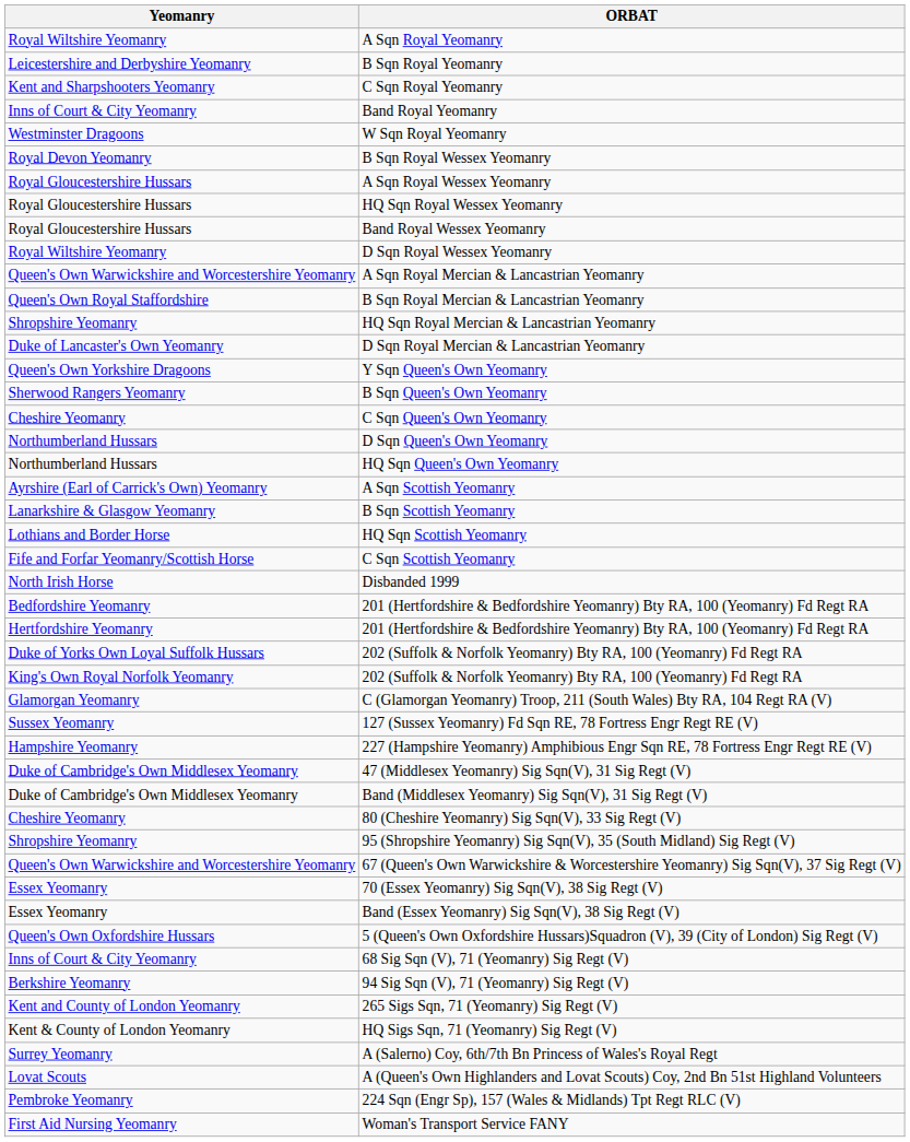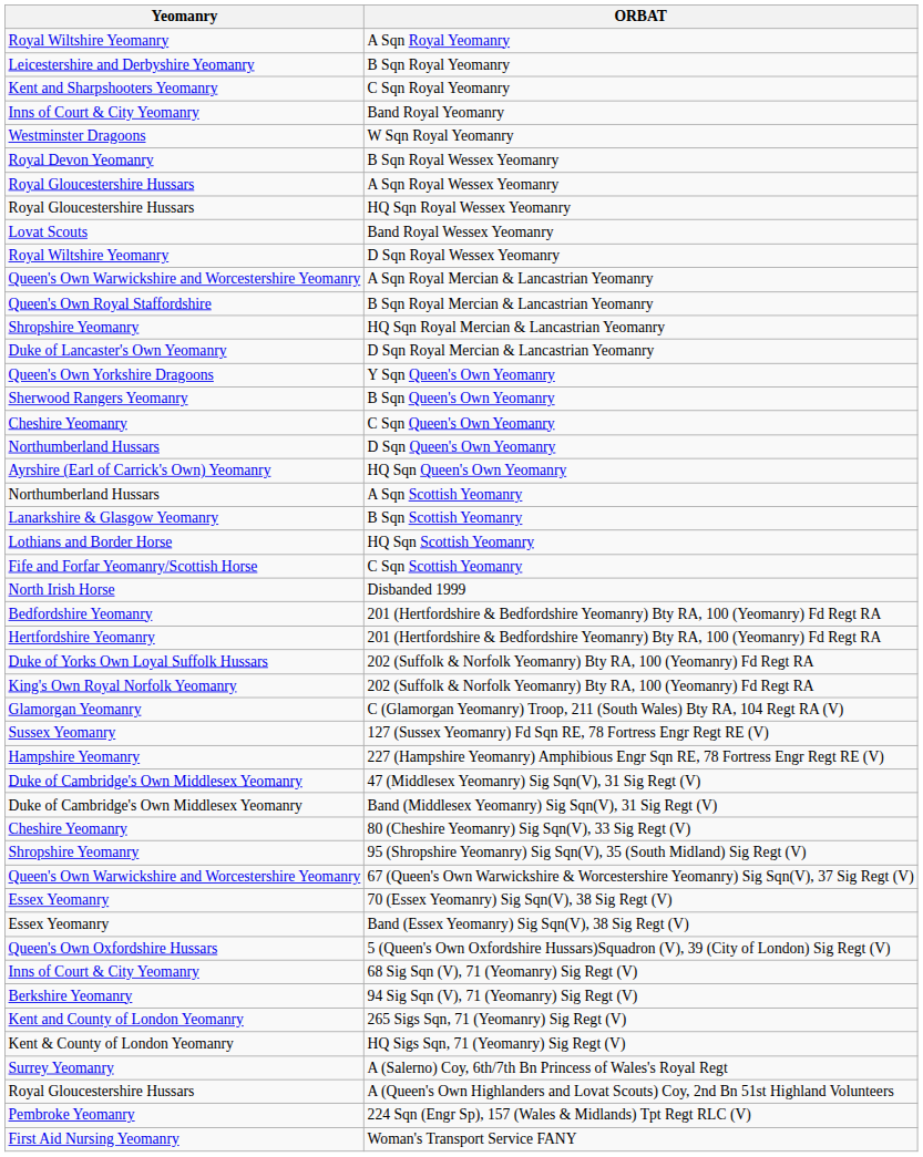 <table class="wikitable">
 <tr>
 <th>Yeomanry</th>
 <th>ORBAT</th>
 </tr>
 <tr>
 <td><a href='#'>Royal Wiltshire Yeomanry</a></td>
 <td>A Sqn <a href='#'>Royal Yeomanry</a></td>
 </tr>
 <tr>
 <td><a href='#'>Leicestershire and Derbyshire Yeomanry</a></td>
 <td>B Sqn Royal Yeomanry</td>
 </tr>
 <tr>
 <td><a href='#'>Kent and Sharpshooters Yeomanry</a></td>
 <td>C Sqn Royal Yeomanry</td>
 </tr>
 <tr>
 <td><a href='#'>Inns of Court & City Yeomanry</a></td>
 <td>Band Royal Yeomanry</td>
 </tr>
 <tr>
 <td><a href='#'>Westminster Dragoons</a></td>
 <td>W Sqn Royal Yeomanry</td>
 </tr>
 <tr>
 <td><a href='#'>Royal Devon Yeomanry</a></td>
 <td>B Sqn Royal Wessex Yeomanry</td>
 </tr>
 <tr>
 <td><a href='#'>Royal Gloucestershire Hussars</a></td>
 <td>A Sqn Royal Wessex Yeomanry</td>
 </tr>
 <tr>
 <td>Royal Gloucestershire Hussars</td>
 <td>HQ Sqn Royal Wessex Yeomanry</td>
 </tr>
 <tr>
-<td>Royal Gloucestershire Hussars</td>
+<td><a href='#'>Lovat Scouts</a></td>
 <td>Band Royal Wessex Yeomanry</td>
 </tr>
 <tr>
 <td><a href='#'>Royal Wiltshire Yeomanry</a></td>
 <td>D Sqn Royal Wessex Yeomanry</td>
 </tr>
 <tr>
 <td><a href='#'>Queen's Own Warwickshire and Worcestershire Yeomanry</a></td>
 <td>A Sqn Royal Mercian & Lancastrian Yeomanry</td>
 </tr>
 <tr>
 <td><a href='#'>Queen's Own Royal Staffordshire</a></td>
 <td>B Sqn Royal Mercian & Lancastrian Yeomanry</td>
 </tr>
 <tr>
 <td><a href='#'>Shropshire Yeomanry</a></td>
 <td>HQ Sqn Royal Mercian & Lancastrian Yeomanry</td>
 </tr>
 <tr>
 <td><a href='#'>Duke of Lancaster's Own Yeomanry</a></td>
 <td>D Sqn Royal Mercian & Lancastrian Yeomanry</td>
 </tr>
 <tr>
 <td><a href='#'>Queen's Own Yorkshire Dragoons</a></td>
 <td>Y Sqn <a href='#'>Queen's Own Yeomanry</a></td>
 </tr>
 <tr>
 <td><a href='#'>Sherwood Rangers Yeomanry</a></td>
 <td>B Sqn <a href='#'>Queen's Own Yeomanry</a></td>
 </tr>
 <tr>
 <td><a href='#'>Cheshire Yeomanry</a></td>
 <td>C Sqn <a href='#'>Queen's Own Yeomanry</a></td>
 </tr>
 <tr>
 <td><a href='#'>Northumberland Hussars</a></td>
 <td>D Sqn <a href='#'>Queen's Own Yeomanry</a></td>
 </tr>
 <tr>
-<td>Northumberland Hussars</td>
+<td><a href='#'>Ayrshire (Earl of Carrick's Own) Yeomanry</a></td>
 <td>HQ Sqn <a href='#'>Queen's Own Yeomanry</a></td>
 </tr>
 <tr>
-<td><a href='#'>Ayrshire (Earl of Carrick's Own) Yeomanry</a></td>
+<td>Northumberland Hussars</td>
 <td>A Sqn <a href='#'>Scottish Yeomanry</a></td>
 </tr>
 <tr>
 <td><a href='#'>Lanarkshire & Glasgow Yeomanry</a></td>
 <td>B Sqn <a href='#'>Scottish Yeomanry</a></td>
 </tr>
 <tr>
 <td><a href='#'>Lothians and Border Horse</a></td>
 <td>HQ Sqn <a href='#'>Scottish Yeomanry</a></td>
 </tr>
 <tr>
 <td><a href='#'>Fife and Forfar Yeomanry/Scottish Horse</a></td>
 <td>C Sqn <a href='#'>Scottish Yeomanry</a></td>
 </tr>
 <tr>
 <td><a href='#'>North Irish Horse</a></td>
 <td>Disbanded 1999</td>
 </tr>
 <tr>
 <td><a href='#'>Bedfordshire Yeomanry</a></td>
 <td>201 (Hertfordshire & Bedfordshire Yeomanry) Bty RA, 100 (Yeomanry) Fd Regt RA</td>
 </tr>
 <tr>
 <td><a href='#'>Hertfordshire Yeomanry</a></td>
 <td>201 (Hertfordshire & Bedfordshire Yeomanry) Bty RA, 100 (Yeomanry) Fd Regt RA</td>
 </tr>
 <tr>
 <td><a href='#'>Duke of Yorks Own Loyal Suffolk Hussars</a></td>
 <td>202 (Suffolk & Norfolk Yeomanry) Bty RA, 100 (Yeomanry) Fd Regt RA</td>
 </tr>
 <tr>
 <td><a href='#'>King's Own Royal Norfolk Yeomanry</a></td>
 <td>202 (Suffolk & Norfolk Yeomanry) Bty RA, 100 (Yeomanry) Fd Regt RA</td>
 </tr>
 <tr>
 <td><a href='#'>Glamorgan Yeomanry</a></td>
 <td>C (Glamorgan Yeomanry) Troop, 211 (South Wales) Bty RA, 104 Regt RA (V)</td>
 </tr>
 <tr>
 <td><a href='#'>Sussex Yeomanry</a></td>
 <td>127 (Sussex Yeomanry) Fd Sqn RE, 78 Fortress Engr Regt RE (V)</td>
 </tr>
 <tr>
 <td><a href='#'>Hampshire Yeomanry</a></td>
 <td>227 (Hampshire Yeomanry) Amphibious Engr Sqn RE, 78 Fortress Engr Regt RE (V)</td>
 </tr>
 <tr>
 <td><a href='#'>Duke of Cambridge's Own Middlesex Yeomanry</a></td>
 <td>47 (Middlesex Yeomanry) Sig Sqn(V), 31 Sig Regt (V)</td>
 </tr>
 <tr>
 <td>Duke of Cambridge's Own Middlesex Yeomanry</td>
 <td>Band (Middlesex Yeomanry) Sig Sqn(V), 31 Sig Regt (V)</td>
 </tr>
 <tr>
 <td><a href='#'>Cheshire Yeomanry</a></td>
 <td>80 (Cheshire Yeomanry) Sig Sqn(V), 33 Sig Regt (V)</td>
 </tr>
 <tr>
 <td><a href='#'>Shropshire Yeomanry</a></td>
 <td>95 (Shropshire Yeomanry) Sig Sqn(V), 35 (South Midland) Sig Regt (V)</td>
 </tr>
 <tr>
 <td><a href='#'>Queen's Own Warwickshire and Worcestershire Yeomanry</a></td>
 <td>67 (Queen's Own Warwickshire & Worcestershire Yeomanry) Sig Sqn(V), 37 Sig Regt (V)</td>
 </tr>
 <tr>
 <td><a href='#'>Essex Yeomanry</a></td>
 <td>70 (Essex Yeomanry) Sig Sqn(V), 38 Sig Regt (V)</td>
 </tr>
 <tr>
 <td>Essex Yeomanry</td>
 <td>Band (Essex Yeomanry) Sig Sqn(V), 38 Sig Regt (V)</td>
 </tr>
 <tr>
 <td><a href='#'>Queen's Own Oxfordshire Hussars</a></td>
 <td>5 (Queen's Own Oxfordshire Hussars)Squadron (V), 39 (City of London) Sig Regt (V)</td>
 </tr>
 <tr>
 <td><a href='#'>Inns of Court & City Yeomanry</a></td>
 <td>68 Sig Sqn (V), 71 (Yeomanry) Sig Regt (V)</td>
 </tr>
 <tr>
 <td><a href='#'>Berkshire Yeomanry</a></td>
 <td>94 Sig Sqn (V), 71 (Yeomanry) Sig Regt (V)</td>
 </tr>
 <tr>
 <td><a href='#'>Kent and County of London Yeomanry</a></td>
 <td>265 Sigs Sqn, 71 (Yeomanry) Sig Regt (V)</td>
 </tr>
 <tr>
 <td>Kent & County of London Yeomanry</td>
 <td>HQ Sigs Sqn, 71 (Yeomanry) Sig Regt (V)</td>
 </tr>
 <tr>
 <td><a href='#'>Surrey Yeomanry</a></td>
 <td>A (Salerno) Coy, 6th/7th Bn Princess of Wales's Royal Regt</td>
 </tr>
 <tr>
-<td><a href='#'>Lovat Scouts</a></td>
+<td>Royal Gloucestershire Hussars</td>
 <td>A (Queen's Own Highlanders and Lovat Scouts) Coy, 2nd Bn 51st Highland Volunteers</td>
 </tr>
 <tr>
 <td><a href='#'>Pembroke Yeomanry</a></td>
 <td>224 Sqn (Engr Sp), 157 (Wales & Midlands) Tpt Regt RLC (V)</td>
 </tr>
 <tr>
 <td><a href='#'>First Aid Nursing Yeomanry</a></td>
 <td>Woman's Transport Service FANY</td>
 </tr>
 </table>
